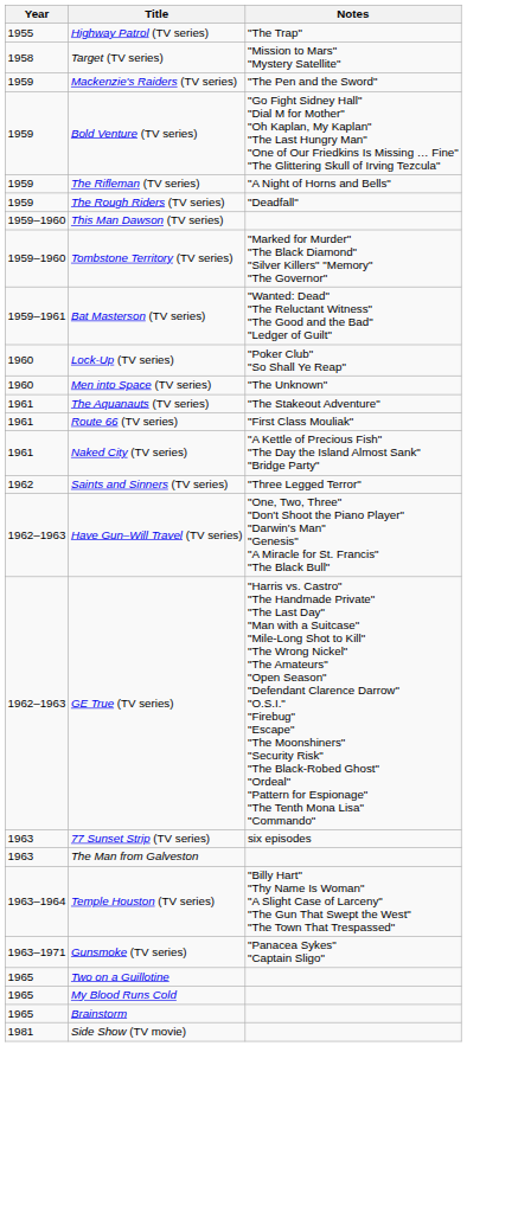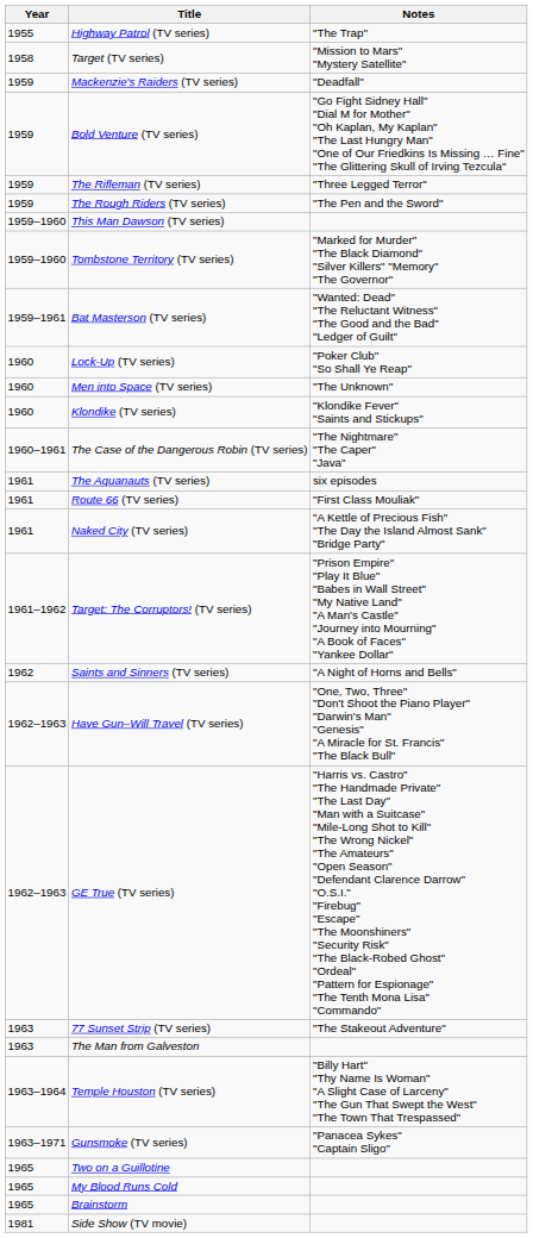 <table class="wikitable sortable">
 <tr>
 <th>Year</th>
 <th>Title</th>
 <th class="unsortable">Notes</th>
 </tr>
 <tr>
 <td>1955</td>
 <td><em><a href='#'>Highway Patrol</a></em> (TV series)</td>
 <td>"The Trap"</td>
 </tr>
 <tr>
 <td>1958</td>
 <td><em>Target</em> (TV series)</td>
 <td>"Mission to Mars"<br>"Mystery Satellite"</td>
 </tr>
 <tr>
 <td>1959</td>
 <td><em><a href='#'>Mackenzie's Raiders</a></em> (TV series)</td>
-<td>"The Pen and the Sword"</td>
+<td>"Deadfall"</td>
 </tr>
 <tr>
 <td>1959</td>
 <td><em><a href='#'>Bold Venture</a></em> (TV series)</td>
 <td>"Go Fight Sidney Hall"<br>"Dial M for Mother"<br>"Oh Kaplan, My Kaplan"<br>"The Last Hungry Man"<br>"One of Our Friedkins Is Missing … Fine"<br>"The Glittering Skull of Irving Tezcula"</td>
 </tr>
 <tr>
 <td>1959</td>
 <td><em><a href='#'>The Rifleman</a></em> (TV series)</td>
-<td>"A Night of Horns and Bells"</td>
+<td>"Three Legged Terror"</td>
 </tr>
 <tr>
 <td>1959</td>
 <td><em><a href='#'>The Rough Riders</a></em> (TV series)</td>
-<td>"Deadfall"</td>
+<td>"The Pen and the Sword"</td>
 </tr>
 <tr>
 <td>1959–1960</td>
 <td><em><a href='#'>This Man Dawson</a></em> (TV series)</td>
 <td></td>
 </tr>
 <tr>
 <td>1959–1960</td>
 <td><em><a href='#'>Tombstone Territory</a></em> (TV series)</td>
 <td>"Marked for Murder"<br>"The Black Diamond"<br>"Silver Killers" "Memory"<br>"The Governor"</td>
 </tr>
 <tr>
 <td>1959–1961</td>
 <td><em><a href='#'>Bat Masterson</a></em> (TV series)</td>
 <td>"Wanted: Dead"<br>"The Reluctant Witness"<br>"The Good and the Bad"<br>"Ledger of Guilt"</td>
 </tr>
 <tr>
 <td>1960</td>
 <td><em><a href='#'>Lock-Up</a></em> (TV series)</td>
 <td>"Poker Club"<br>"So Shall Ye Reap"</td>
 </tr>
 <tr>
 <td>1960</td>
 <td><em><a href='#'>Men into Space</a></em> (TV series)</td>
 <td>"The Unknown"</td>
 </tr>
 <tr>
+<td>1960</td>
+<td><em><a href='#'>Klondike</a></em> (TV series)</td>
+<td>"Klondike Fever"<br>"Saints and Stickups"</td>
+</tr>
+<tr>
+<td>1960–1961</td>
+<td><em>The Case of the Dangerous Robin</em> (TV series)</td>
+<td>"The Nightmare"<br>"The Caper"<br>"Java"</td>
+</tr>
+<tr>
 <td>1961</td>
 <td><em><a href='#'>The Aquanauts</a></em> (TV series)</td>
-<td>"The Stakeout Adventure"</td>
+<td>six episodes</td>
 </tr>
 <tr>
 <td>1961</td>
 <td><em><a href='#'>Route 66</a></em> (TV series)</td>
 <td>"First Class Mouliak"</td>
 </tr>
 <tr>
 <td>1961</td>
 <td><em><a href='#'>Naked City</a></em> (TV series)</td>
 <td>"A Kettle of Precious Fish"<br>"The Day the Island Almost Sank"<br>"Bridge Party"</td>
 </tr>
 <tr>
+<td>1961–1962</td>
+<td><em><a href='#'>Target: The Corruptors!</a></em> (TV series)</td>
+<td>"Prison Empire"<br>"Play It Blue"<br>"Babes in Wall Street"<br>"My Native Land"<br>"A Man's Castle"<br>"Journey into Mourning"<br>"A Book of Faces"<br>"Yankee Dollar"</td>
+</tr>
+<tr>
 <td>1962</td>
 <td><em><a href='#'>Saints and Sinners</a></em> (TV series)</td>
-<td>"Three Legged Terror"</td>
+<td>"A Night of Horns and Bells"</td>
 </tr>
 <tr>
 <td>1962–1963</td>
 <td><em><a href='#'>Have Gun–Will Travel</a></em> (TV series)</td>
 <td>"One, Two, Three"<br>"Don't Shoot the Piano Player"<br>"Darwin's Man"<br>"Genesis"<br>"A Miracle for St. Francis"<br>"The Black Bull"</td>
 </tr>
 <tr>
 <td>1962–1963</td>
 <td><em><a href='#'>GE True</a></em> (TV series)</td>
 <td>"Harris vs. Castro"<br>"The Handmade Private"<br>"The Last Day"<br>"Man with a Suitcase"<br>"Mile-Long Shot to Kill"<br>"The Wrong Nickel"<br>"The Amateurs"<br>"Open Season"<br>"Defendant Clarence Darrow"<br>"O.S.I."<br>"Firebug"<br>"Escape"<br>"The Moonshiners"<br>"Security Risk"<br>"The Black-Robed Ghost"<br>"Ordeal"<br>"Pattern for Espionage"<br>"The Tenth Mona Lisa"<br>"Commando"</td>
 </tr>
 <tr>
 <td>1963</td>
 <td><em><a href='#'>77 Sunset Strip</a></em> (TV series)</td>
-<td>six episodes</td>
+<td>"The Stakeout Adventure"</td>
 </tr>
 <tr>
 <td>1963</td>
 <td><em>The Man from Galveston</em></td>
 <td></td>
 </tr>
 <tr>
 <td>1963–1964</td>
 <td><em><a href='#'>Temple Houston</a></em> (TV series)</td>
 <td>"Billy Hart"<br>"Thy Name Is Woman"<br>"A Slight Case of Larceny"<br>"The Gun That Swept the West"<br>"The Town That Trespassed"</td>
 </tr>
 <tr>
 <td>1963–1971</td>
 <td><em><a href='#'>Gunsmoke</a></em> (TV series)</td>
 <td>"Panacea Sykes"<br>"Captain Sligo"</td>
 </tr>
 <tr>
 <td>1965</td>
 <td><em><a href='#'>Two on a Guillotine</a></em></td>
 <td></td>
 </tr>
 <tr>
 <td>1965</td>
 <td><em><a href='#'>My Blood Runs Cold</a></em></td>
 <td></td>
 </tr>
 <tr>
 <td>1965</td>
 <td><em><a href='#'>Brainstorm</a></em></td>
 <td></td>
 </tr>
 <tr>
 <td>1981</td>
 <td><em>Side Show</em> (TV movie)</td>
 <td></td>
 </tr>
 </table>
